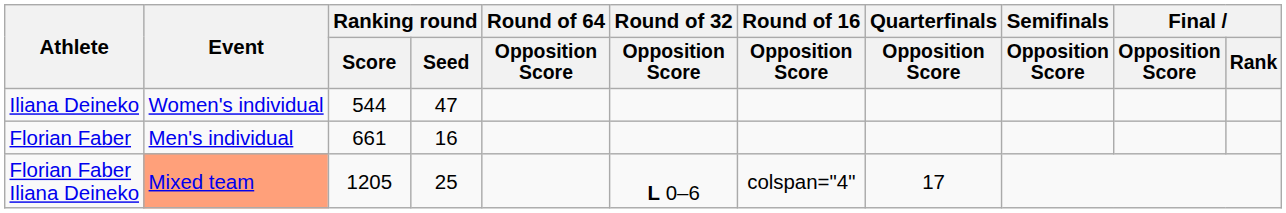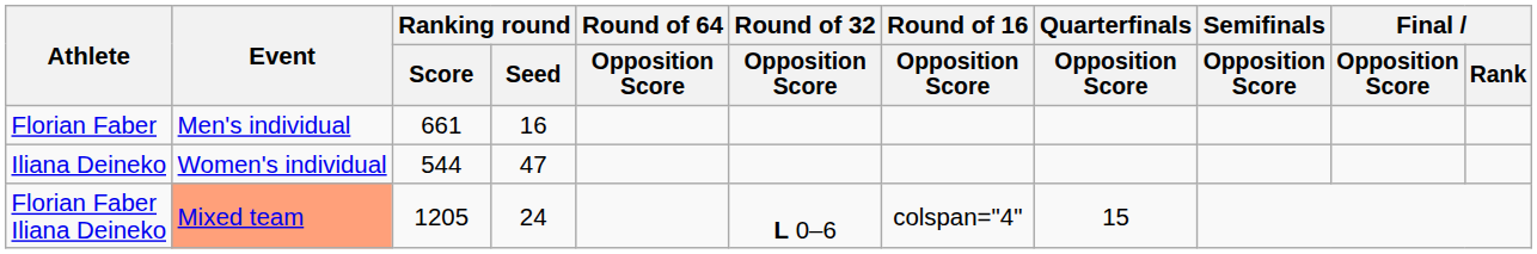 <table class="wikitable" style="text-align:center; font-size:90%">
 <tr>
 <th rowspan="2">Athlete</th>
 <th rowspan="2">Event</th>
 <th colspan="2">Ranking round</th>
 <th>Round of 64</th>
 <th>Round of 32</th>
 <th>Round of 16</th>
 <th>Quarterfinals</th>
 <th>Semifinals</th>
 <th colspan="2">Final / </th>
 </tr>
 <tr style="font-size:95%">
 <th>Score</th>
 <th>Seed</th>
 <th>Opposition<br>Score</th>
 <th>Opposition<br>Score</th>
 <th>Opposition<br>Score</th>
 <th>Opposition<br>Score</th>
 <th>Opposition<br>Score</th>
 <th>Opposition<br>Score</th>
 <th>Rank</th>
 </tr>
 <tr>
+<td align="left"><a href='#'>Florian Faber</a></td>
+<td align="left"><a href='#'>Men's individual</a></td>
+<td>661</td>
+<td>16</td>
+<td></td>
+<td></td>
+<td></td>
+<td></td>
+<td></td>
+<td></td>
+<td></td>
+</tr>
+<tr>
 <td align="left"><a href='#'>Iliana Deineko</a></td>
 <td align="left"><a href='#'>Women's individual</a></td>
 <td>544</td>
 <td>47</td>
 <td><br></td>
 <td></td>
 <td></td>
 <td></td>
 <td></td>
 <td></td>
 <td></td>
 </tr>
 <tr>
-<td align="left"><a href='#'>Florian Faber</a></td>
-<td align="left"><a href='#'>Men's individual</a></td>
-<td>661</td>
-<td>16</td>
-<td></td>
-<td></td>
-<td></td>
-<td></td>
-<td></td>
-<td></td>
-<td></td>
-</tr>
-<tr>
 <td align="left"><a href='#'>Florian Faber</a><br><a href='#'>Iliana Deineko</a></td>
 <td align="left" style="background: lightsalmon;"><a href='#'>Mixed team</a></td>
 <td>1205</td>
-<td>25</td>
+<td>24</td>
 <td></td>
 <td><br><strong>L</strong> 0–6</td>
 <td>colspan="4" </td>
-<td>17</td>
+<td>15</td>
 </tr>
 </table>
